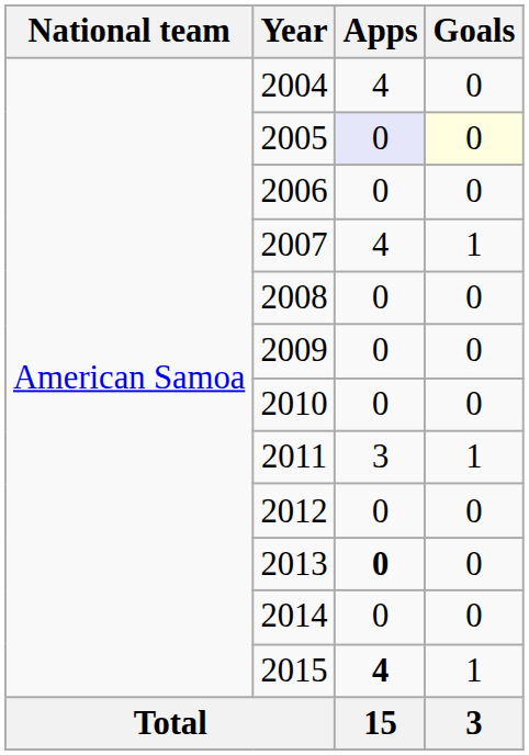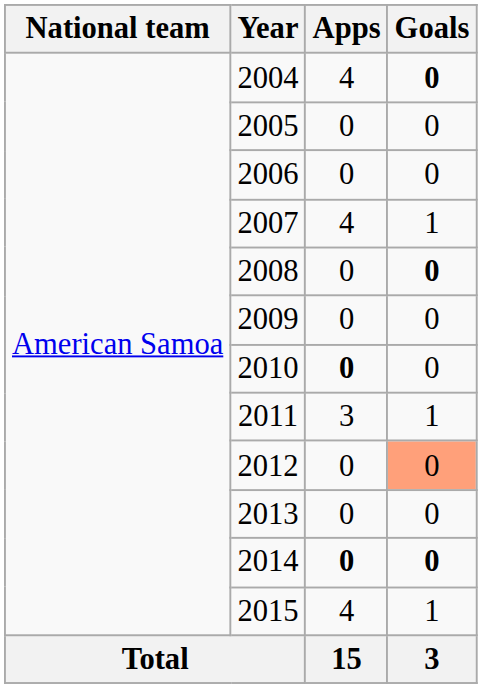 <table class="wikitable" style="text-align: center;">
 <tr>
 <th>National team</th>
 <th>Year</th>
 <th>Apps</th>
 <th>Goals</th>
 </tr>
 <tr>
 <td rowspan="12"><a href='#'>American Samoa</a></td>
 <td>2004</td>
 <td>4</td>
-<td>0</td>
+<td><strong>0</strong></td>
 </tr>
 <tr>
 <td>2005</td>
-<td style="background: lavender;">0</td>
-<td style="background: lightyellow;">0</td>
+<td>0</td>
+<td>0</td>
 </tr>
 <tr>
 <td>2006</td>
 <td>0</td>
 <td>0</td>
 </tr>
 <tr>
 <td>2007</td>
 <td>4</td>
 <td>1</td>
 </tr>
 <tr>
 <td>2008</td>
 <td>0</td>
-<td>0</td>
+<td><strong>0</strong></td>
 </tr>
 <tr>
 <td>2009</td>
 <td>0</td>
 <td>0</td>
 </tr>
 <tr>
 <td>2010</td>
-<td>0</td>
+<td><strong>0</strong></td>
 <td>0</td>
 </tr>
 <tr>
 <td>2011</td>
 <td>3</td>
 <td>1</td>
 </tr>
 <tr>
 <td>2012</td>
 <td>0</td>
-<td>0</td>
+<td style="background: lightsalmon;">0</td>
 </tr>
 <tr>
 <td>2013</td>
-<td><strong>0</strong></td>
+<td>0</td>
 <td>0</td>
 </tr>
 <tr>
 <td>2014</td>
-<td>0</td>
-<td>0</td>
+<td><strong>0</strong></td>
+<td><strong>0</strong></td>
 </tr>
 <tr>
 <td>2015</td>
-<td><strong>4</strong></td>
+<td>4</td>
 <td>1</td>
 </tr>
 <tr>
 <th colspan="2">Total</th>
 <th>15</th>
 <th>3</th>
 </tr>
 </table>
